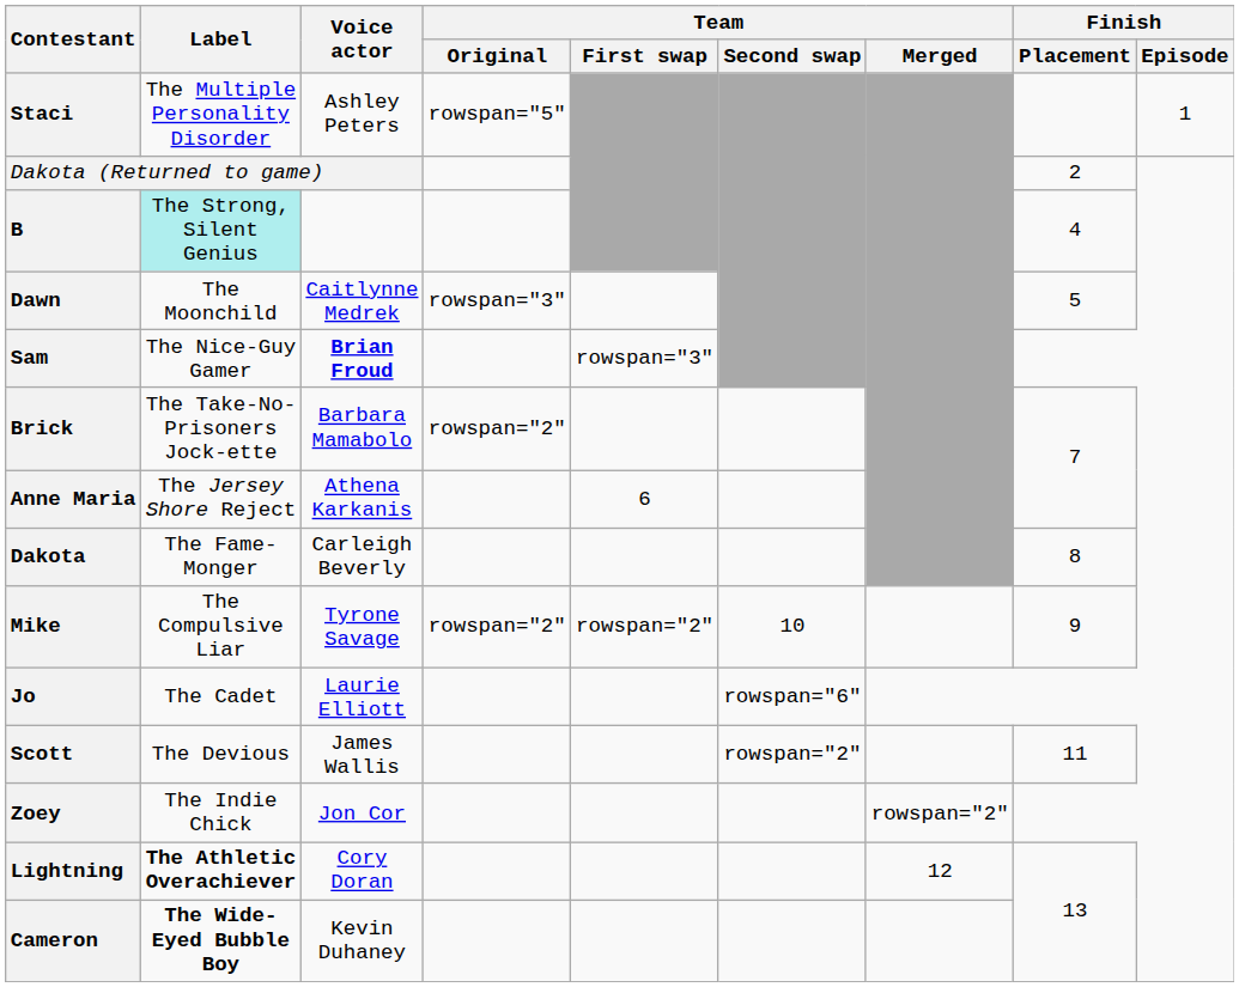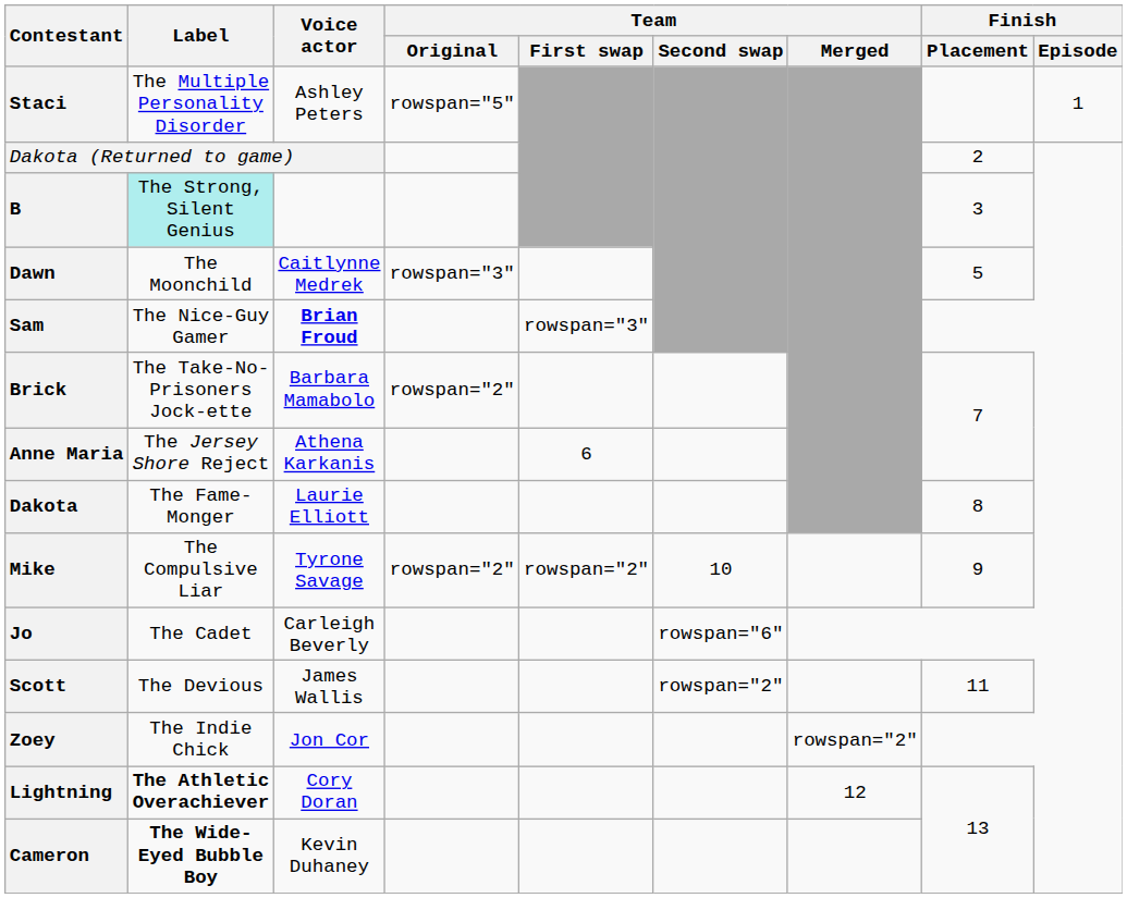 <table class="wikitable sortable" style="text-align:center">
 <tr>
 <th rowspan="2" scope="col">Contestant</th>
 <th rowspan="2" scope="col">Label</th>
 <th rowspan="2" scope="col">Voice actor</th>
 <th colspan="4" scope="colgroup">Team</th>
 <th colspan="2" scope="colgroup">Finish</th>
 </tr>
 <tr>
 <th scope="col">Original</th>
 <th scope="col">First swap</th>
 <th scope="col">Second swap</th>
 <th scope="col" class="unsortable">Merged</th>
 <th scope="col" class="unsortable">Placement</th>
 <th scope="col" class="unsortable">Episode</th>
 </tr>
 <tr>
 <th scope="row" style="text-align:left">Staci</th>
 <td>The <a href='#'>Multiple Personality Disorder</a></td>
 <td>Ashley Peters</td>
 <td>rowspan="5" </td>
 <td rowspan="3" style="background:darkgray;"></td>
 <td rowspan="5" style="background:darkgray;"></td>
 <td rowspan="8" style="background:darkgray;"></td>
 <td></td>
 <td>1</td>
 </tr>
 <tr>
 <th colspan="3" scope="row" style="text-align:left; font-weight:normal"><em>Dakota (Returned to game)</em></th>
 <td></td>
 <td>2</td>
 </tr>
 <tr>
 <th scope="row" style="text-align:left">B</th>
 <td style="background: paleturquoise;">The Strong, Silent Genius</td>
 <td></td>
 <td></td>
-<td>4</td>
+<td>3</td>
 </tr>
 <tr>
 <th scope="row" style="text-align:left">Dawn</th>
 <td>The Moonchild</td>
 <td><a href='#'>Caitlynne Medrek</a></td>
 <td>rowspan="3" </td>
 <td></td>
 <td>5</td>
 </tr>
 <tr>
 <th scope="row" style="text-align:left">Sam</th>
 <td>The Nice-Guy Gamer</td>
 <td><strong><a href='#'>Brian Froud</a></strong></td>
 <td></td>
 <td>rowspan="3" </td>
 </tr>
 <tr>
 <th scope="row" style="text-align:left">Brick</th>
 <td>The Take-No-Prisoners Jock-ette</td>
 <td><a href='#'>Barbara Mamabolo</a></td>
 <td>rowspan="2" </td>
 <td></td>
 <td></td>
 <td rowspan="2">7</td>
 </tr>
 <tr>
 <th scope="row" style="text-align:left">Anne Maria</th>
 <td>The <em>Jersey Shore</em> Reject</td>
 <td><a href='#'>Athena Karkanis</a></td>
 <td></td>
 <td>6</td>
 <td></td>
 </tr>
 <tr>
 <th scope="row" style="text-align:left">Dakota</th>
 <td>The Fame-Monger</td>
-<td>Carleigh Beverly</td>
+<td><a href='#'>Laurie Elliott</a></td>
 <td></td>
 <td></td>
 <td></td>
 <td>8</td>
 </tr>
 <tr>
 <th scope="row" style="text-align:left">Mike</th>
 <td>The Compulsive Liar</td>
 <td><a href='#'>Tyrone Savage</a></td>
 <td>rowspan="2" </td>
 <td>rowspan="2" </td>
 <td>10</td>
 <td></td>
 <td>9</td>
 </tr>
 <tr>
 <th scope="row" style="text-align:left">Jo</th>
 <td>The Cadet</td>
-<td><a href='#'>Laurie Elliott</a></td>
+<td>Carleigh Beverly</td>
 <td></td>
 <td></td>
 <td>rowspan="6" </td>
 </tr>
 <tr>
 <th scope="row" style="text-align:left">Scott</th>
 <td>The Devious</td>
 <td>James Wallis</td>
 <td></td>
 <td></td>
 <td>rowspan="2" </td>
 <td></td>
 <td>11</td>
 </tr>
 <tr>
 <th scope="row" style="text-align:left">Zoey</th>
 <td>The Indie Chick</td>
 <td><a href='#'>Jon Cor</a></td>
 <td></td>
 <td></td>
 <td></td>
 <td>rowspan="2" </td>
 </tr>
 <tr>
 <th scope="row" style="text-align:left">Lightning</th>
 <td><strong>The Athletic Overachiever</strong></td>
 <td><a href='#'>Cory Doran</a></td>
 <td></td>
 <td></td>
 <td></td>
 <td>12</td>
 <td rowspan="2">13</td>
 </tr>
 <tr>
 <th scope="row" style="text-align:left">Cameron</th>
 <td><strong>The Wide-Eyed Bubble Boy</strong></td>
 <td>Kevin Duhaney</td>
 <td></td>
 <td></td>
 <td></td>
 </tr>
 </table>
